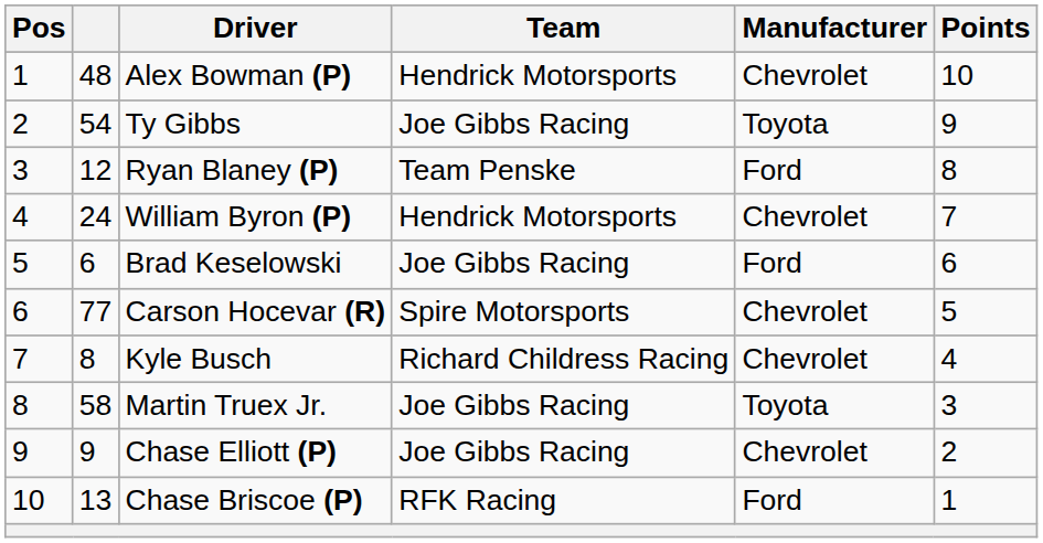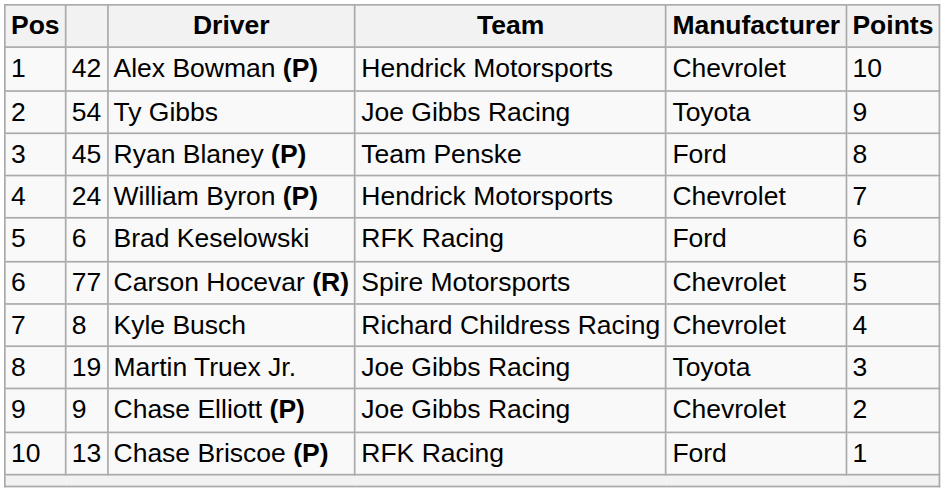 <table class="wikitable" style="font-size:98%">
 <tr>
 <th>Pos</th>
 <th></th>
 <th>Driver</th>
 <th>Team</th>
 <th>Manufacturer</th>
 <th>Points</th>
 </tr>
 <tr>
 <td>1</td>
-<td>48</td>
+<td>42</td>
 <td>Alex Bowman <strong>(P)</strong></td>
 <td>Hendrick Motorsports</td>
 <td>Chevrolet</td>
 <td>10</td>
 </tr>
 <tr>
 <td>2</td>
 <td>54</td>
 <td>Ty Gibbs</td>
 <td>Joe Gibbs Racing</td>
 <td>Toyota</td>
 <td>9</td>
 </tr>
 <tr>
 <td>3</td>
-<td>12</td>
+<td>45</td>
 <td>Ryan Blaney <strong>(P)</strong></td>
 <td>Team Penske</td>
 <td>Ford</td>
 <td>8</td>
 </tr>
 <tr>
 <td>4</td>
 <td>24</td>
 <td>William Byron <strong>(P)</strong></td>
 <td>Hendrick Motorsports</td>
 <td>Chevrolet</td>
 <td>7</td>
 </tr>
 <tr>
 <td>5</td>
 <td>6</td>
 <td>Brad Keselowski</td>
-<td>Joe Gibbs Racing</td>
+<td>RFK Racing</td>
 <td>Ford</td>
 <td>6</td>
 </tr>
 <tr>
 <td>6</td>
 <td>77</td>
 <td>Carson Hocevar <strong>(R)</strong></td>
 <td>Spire Motorsports</td>
 <td>Chevrolet</td>
 <td>5</td>
 </tr>
 <tr>
 <td>7</td>
 <td>8</td>
 <td>Kyle Busch</td>
 <td>Richard Childress Racing</td>
 <td>Chevrolet</td>
 <td>4</td>
 </tr>
 <tr>
 <td>8</td>
-<td>58</td>
+<td>19</td>
 <td>Martin Truex Jr.</td>
 <td>Joe Gibbs Racing</td>
 <td>Toyota</td>
 <td>3</td>
 </tr>
 <tr>
 <td>9</td>
 <td>9</td>
 <td>Chase Elliott <strong>(P)</strong></td>
 <td>Joe Gibbs Racing</td>
 <td>Chevrolet</td>
 <td>2</td>
 </tr>
 <tr>
 <td>10</td>
 <td>13</td>
 <td>Chase Briscoe <strong>(P)</strong></td>
 <td>RFK Racing</td>
 <td>Ford</td>
 <td>1</td>
 </tr>
 <tr>
 <th colspan="6"></th>
 </tr>
 </table>
